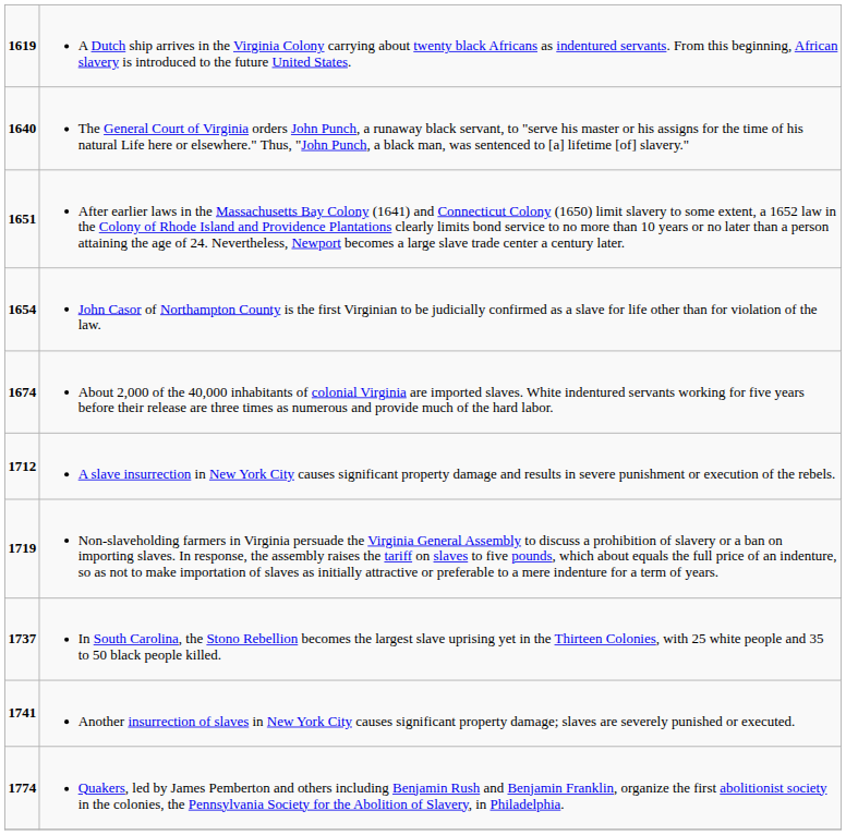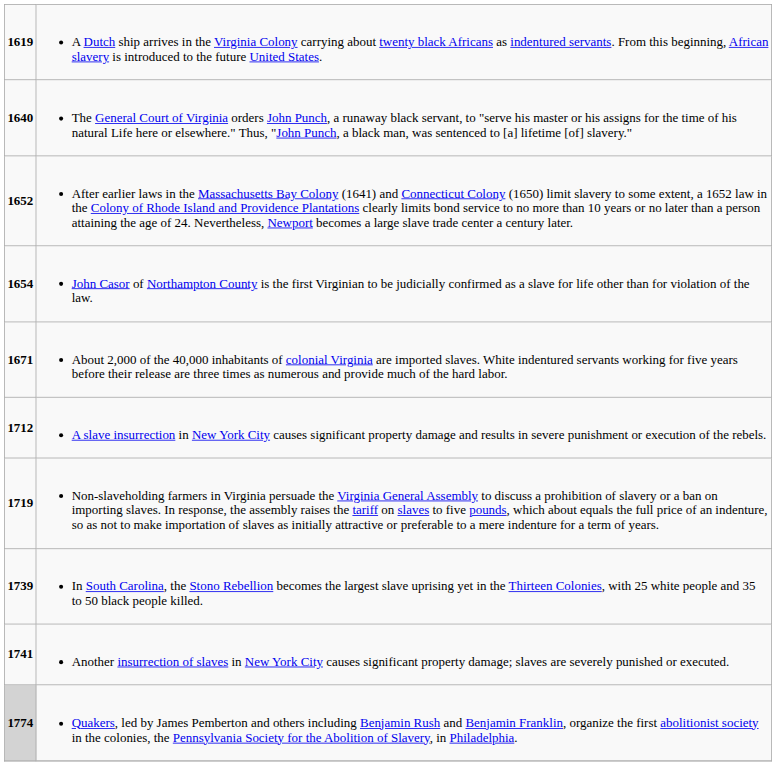 <table class="wikitable" width="75%" border=1 cellpadding=5 cellspacing=0>
 <tr>
 <td valign=center align=right><strong>1619</strong></td>
 <td><br><ul><li>A <a href='#'>Dutch</a> ship arrives in the <a href='#'>Virginia Colony</a> carrying about <a href='#'>twenty black Africans</a> as <a href='#'>indentured servants</a>. From this beginning, <a href='#'>African slavery</a> is introduced to the future <a href='#'>United States</a>.</li></ul></td>
 </tr>
 <tr>
 <td valign=center align=right><strong>1640</strong></td>
 <td><br><ul><li>The <a href='#'>General Court of Virginia</a> orders <a href='#'>John Punch</a>, a runaway black servant, to "serve his master or his assigns for the time of his natural Life here or elsewhere." Thus, "<a href='#'>John Punch</a>, a black man, was sentenced to [a] lifetime [of] slavery."</li></ul></td>
 </tr>
 <tr>
-<td valign=center align=right><strong>1651</strong></td>
+<td valign=center align=right><strong>1652</strong></td>
 <td><br><ul><li>After earlier laws in the <a href='#'>Massachusetts Bay Colony</a> (1641) and <a href='#'>Connecticut Colony</a> (1650) limit slavery to some extent, a 1652 law in the <a href='#'>Colony of Rhode Island and Providence Plantations</a> clearly limits bond service to no more than 10 years or no later than a person attaining the age of 24. Nevertheless, <a href='#'>Newport</a> becomes a large slave trade center a century later.</li></ul></td>
 </tr>
 <tr>
 <td valign=center align=right><strong>1654</strong></td>
 <td><br><ul><li><a href='#'>John Casor</a> of <a href='#'>Northampton County</a> is the first Virginian to be judicially confirmed as a slave for life other than for violation of the law.</li></ul></td>
 </tr>
 <tr>
-<td valign=center align=right><strong>1674</strong></td>
+<td valign=center align=right><strong>1671</strong></td>
 <td><br><ul><li>About 2,000 of the 40,000 inhabitants of <a href='#'>colonial Virginia</a> are imported slaves. White indentured servants working for five years before their release are three times as numerous and provide much of the hard labor.</li></ul></td>
 </tr>
 <tr>
 <td valign=center align=right><strong>1712</strong></td>
 <td><br><ul><li><a href='#'>A slave insurrection</a> in <a href='#'>New York City</a> causes significant property damage and results in severe punishment or execution of the rebels.</li></ul></td>
 </tr>
 <tr>
 <td valign=center align=right><strong>1719</strong></td>
 <td><br><ul><li>Non-slaveholding farmers in Virginia persuade the <a href='#'>Virginia General Assembly</a> to discuss a prohibition of slavery or a ban on importing slaves. In response, the assembly raises the <a href='#'>tariff</a> on <a href='#'>slaves</a> to five <a href='#'>pounds</a>, which about equals the full price of an indenture, so as not to make importation of slaves as initially attractive or preferable to a mere indenture for a term of years.</li></ul></td>
 </tr>
 <tr>
-<td valign=center align=right><strong>1737</strong></td>
+<td valign=center align=right><strong>1739</strong></td>
 <td><br><ul><li>In <a href='#'>South Carolina</a>, the <a href='#'>Stono Rebellion</a> becomes the largest slave uprising yet in the <a href='#'>Thirteen Colonies</a>, with 25 white people and 35 to 50 black people killed.</li></ul></td>
 </tr>
 <tr>
 <td valign=center align=right><strong>1741</strong></td>
 <td><br><ul><li>Another <a href='#'>insurrection of slaves</a> in <a href='#'>New York City</a> causes significant property damage; slaves are severely punished or executed.</li></ul></td>
 </tr>
 <tr>
-<td valign=center align=right><strong>1774</strong></td>
+<td valign=center align=right style="background: lightgrey;"><strong>1774</strong></td>
 <td><br><ul><li><a href='#'>Quakers</a>, led by James Pemberton and others including <a href='#'>Benjamin Rush</a> and <a href='#'>Benjamin Franklin</a>, organize the first <a href='#'>abolitionist society</a> in the colonies, the <a href='#'>Pennsylvania Society for the Abolition of Slavery</a>, in <a href='#'>Philadelphia</a>.</li></ul></td>
 </tr>
 <tr>
 </tr>
 </table>
